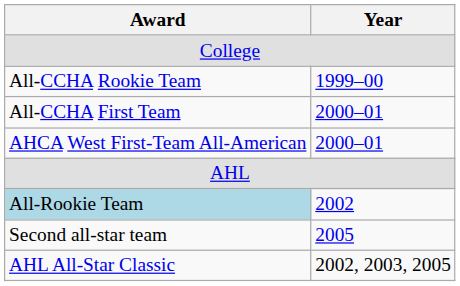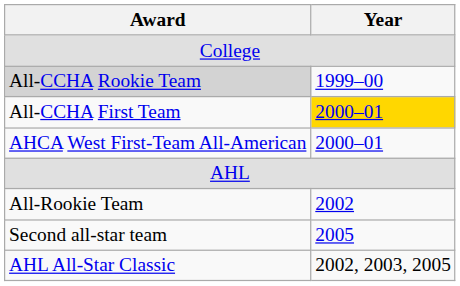 <table class="wikitable">
 <tr>
 <th>Award</th>
 <th>Year</th>
 </tr>
 <tr ALIGN="center" bgcolor="#e0e0e0">
 <td colspan="3"><a href='#'>College</a></td>
 </tr>
 <tr>
-<td>All-<a href='#'>CCHA</a> <a href='#'>Rookie Team</a></td>
+<td style="background: lightgrey;">All-<a href='#'>CCHA</a> <a href='#'>Rookie Team</a></td>
 <td><a href='#'>1999–00</a></td>
 </tr>
 <tr>
 <td>All-<a href='#'>CCHA</a> <a href='#'>First Team</a></td>
-<td><a href='#'>2000–01</a></td>
+<td style="background: gold;"><a href='#'>2000–01</a></td>
 </tr>
 <tr>
 <td><a href='#'>AHCA</a> <a href='#'>West First-Team All-American</a></td>
 <td><a href='#'>2000–01</a></td>
 </tr>
 <tr ALIGN="center" bgcolor="#e0e0e0">
 <td colspan="3"><a href='#'>AHL</a></td>
 </tr>
 <tr>
-<td style="background: lightblue;">All-Rookie Team</td>
+<td>All-Rookie Team</td>
 <td><a href='#'>2002</a></td>
 </tr>
 <tr>
 <td>Second all-star team</td>
 <td><a href='#'>2005</a></td>
 </tr>
 <tr>
 <td><a href='#'>AHL All-Star Classic</a></td>
 <td>2002, 2003, 2005</td>
 </tr>
 </table>
